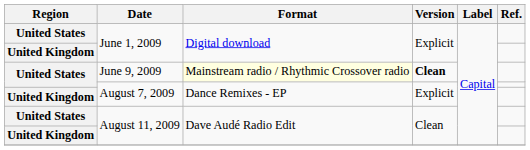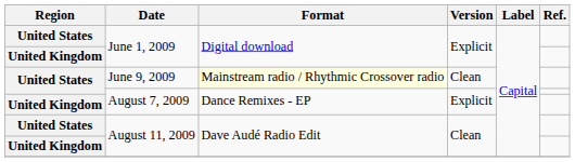 <table class="wikitable plainrowheaders">
 <tr>
 <th scope="col">Region</th>
 <th scope="col">Date</th>
 <th scope="col">Format</th>
 <th scope="col">Version</th>
 <th scope="col">Label</th>
 <th scope="col">Ref.</th>
 </tr>
 <tr>
 <th scope="row">United States</th>
 <td rowspan="2">June 1, 2009</td>
 <td rowspan="2"><a href='#'>Digital download</a></td>
 <td rowspan="2">Explicit</td>
 <td rowspan="7"><a href='#'>Capital</a></td>
 <td></td>
 </tr>
 <tr>
 <th scope="row">United Kingdom</th>
 <td></td>
 </tr>
 <tr>
 <th scope="row" rowspan="2">United States</th>
 <td>June 9, 2009</td>
 <td style="background: lightyellow;">Mainstream radio / Rhythmic Crossover radio</td>
-<td><strong>Clean</strong></td>
+<td>Clean</td>
 <td></td>
 </tr>
 <tr>
 <td rowspan="2">August 7, 2009</td>
 <td rowspan="2">Dance Remixes - EP</td>
 <td rowspan="2">Explicit</td>
 <td></td>
 </tr>
 <tr>
 <th scope="row">United Kingdom</th>
 <td></td>
 </tr>
 <tr>
 <th scope="row">United States</th>
 <td rowspan="2">August 11, 2009</td>
 <td rowspan="2">Dave Audé Radio Edit</td>
 <td rowspan="2">Clean</td>
 <td></td>
 </tr>
 <tr>
 <th scope="row">United Kingdom</th>
 <td></td>
 </tr>
 <tr>
 </tr>
 </table>
